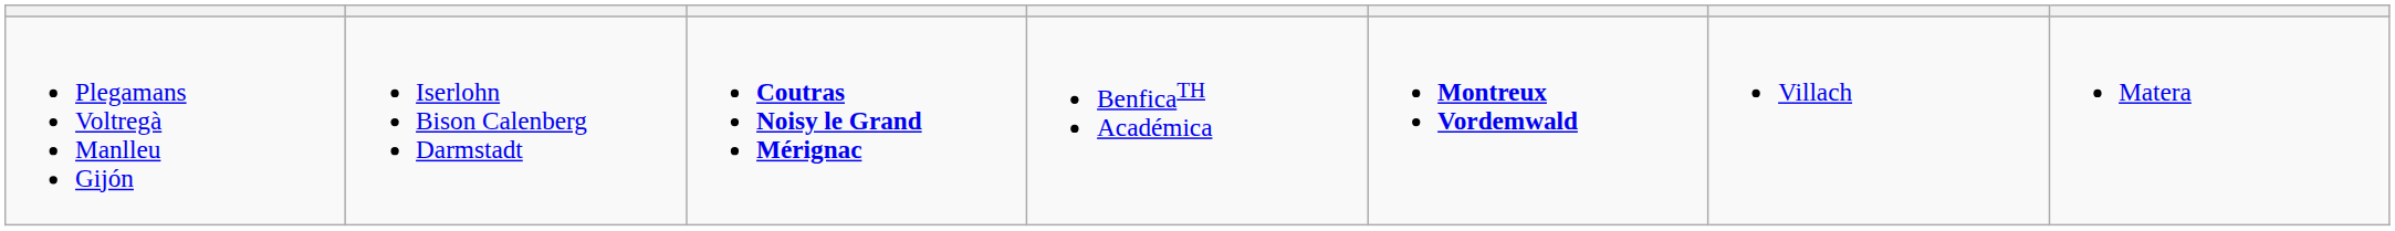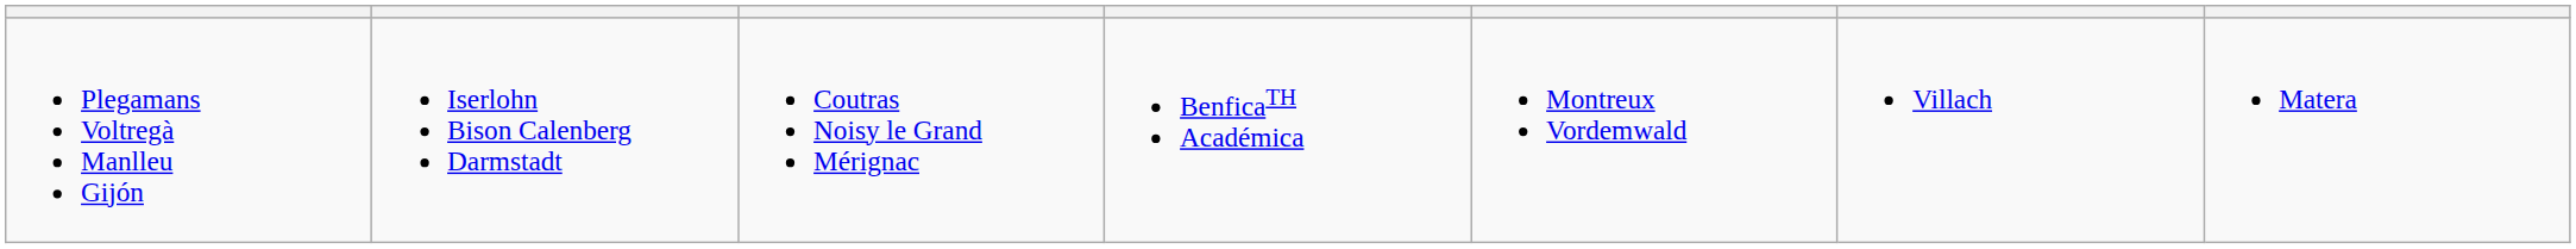 <table class="wikitable" style="width:75%;">
 <tr>
 <th width=12.5%></th>
 <th width=12.5%></th>
 <th width=12.5%></th>
 <th width=12.5%></th>
 <th width=12.5%></th>
 <th width=12.5%></th>
 <th width=12.5%></th>
 </tr>
 <tr>
 <td valign=top><br><ul><li><a href='#'>Plegamans</a></li><li><a href='#'>Voltregà</a></li><li><a href='#'>Manlleu</a></li><li><a href='#'>Gijón</a></li></ul></td>
 <td valign=top><br><ul><li><a href='#'>Iserlohn</a></li><li><a href='#'>Bison Calenberg</a></li><li><a href='#'>Darmstadt</a></li></ul></td>
-<td valign=top><strong><br><ul><li><a href='#'>Coutras</a></li><li><a href='#'>Noisy le Grand</a></li><li><a href='#'>Mérignac</a></li></ul></strong></td>
+<td valign=top><br><ul><li><a href='#'>Coutras</a></li><li><a href='#'>Noisy le Grand</a></li><li><a href='#'>Mérignac</a></li></ul></td>
 <td valign=top><br><ul><li><a href='#'>Benfica</a><sup><a href='#'>TH</a></sup></li><li><a href='#'>Académica</a></li></ul></td>
-<td valign=top><strong><br><ul><li><a href='#'>Montreux</a></li><li><a href='#'>Vordemwald</a></li></ul></strong></td>
+<td valign=top><br><ul><li><a href='#'>Montreux</a></li><li><a href='#'>Vordemwald</a></li></ul></td>
 <td valign=top><br><ul><li><a href='#'>Villach</a></li></ul></td>
 <td valign=top><br><ul><li><a href='#'>Matera</a></li></ul></td>
 </tr>
 </table>
